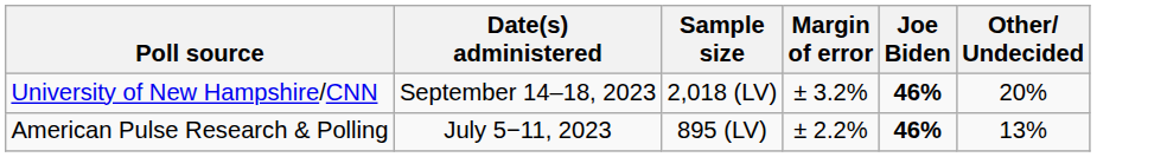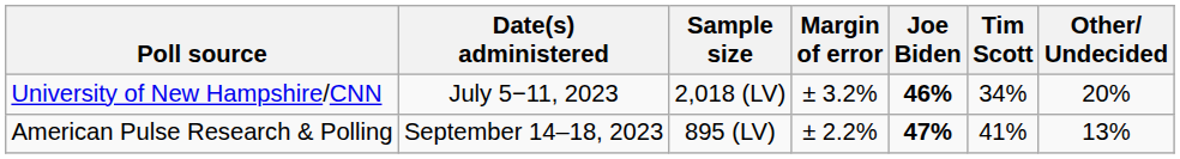 <table class="wikitable sortable mw-datatable" style="font-size:90%;text-align:center;line-height:17px">
 <tr valign=bottom>
 <th>Poll source</th>
 <th>Date(s)<br>administered</th>
 <th>Sample<br>size</th>
 <th>Margin<br>of error</th>
 <th class="unsortable">Joe<br>Biden<br></th>
+<th class="unsortable">Tim<br>Scott<br></th>
 <th class="unsortable">Other/<br>Undecided</th>
 </tr>
 <tr>
 <td style="text-align:left;"><a href='#'>University of New Hampshire</a>/<a href='#'>CNN</a></td>
-<td data-sort-value="2021-12-12">September 14–18, 2023</td>
+<td data-sort-value="2023-07-11">July 5−11, 2023</td>
 <td>2,018 (LV)</td>
 <td>± 3.2%</td>
 <td style="color:black;background-color:"><strong>46%</strong></td>
+<td>34%</td>
 <td>20%</td>
 </tr>
 <tr>
 <td style="text-align:left;">American Pulse Research & Polling</td>
-<td data-sort-value="2023-07-11">July 5−11, 2023</td>
+<td data-sort-value="2021-12-12">September 14–18, 2023</td>
 <td>895 (LV)</td>
 <td>± 2.2%</td>
-<td style="color:black;background-color:"><strong>46%</strong></td>
+<td style="color:black;background-color:"><strong>47%</strong></td>
+<td>41%</td>
 <td>13%</td>
 </tr>
 </table>
